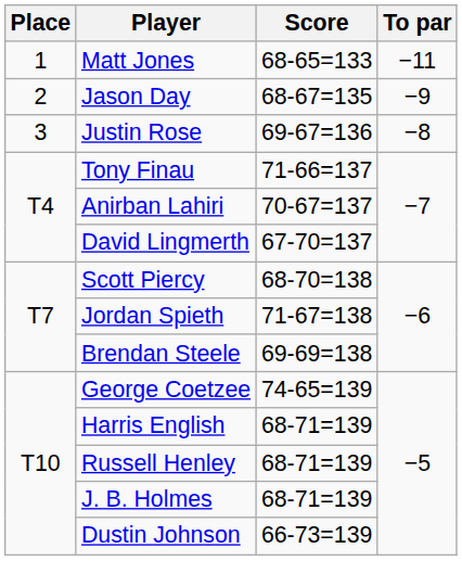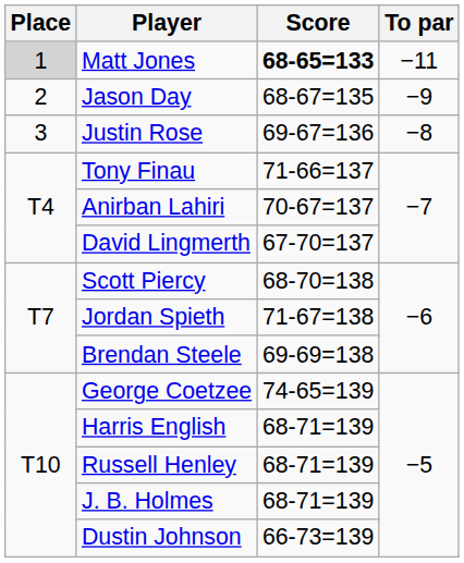 <table class="wikitable">
 <tr>
 <th>Place</th>
 <th>Player</th>
 <th>Score</th>
 <th>To par</th>
 </tr>
 <tr>
-<td align=center>1</td>
+<td align=center style="background: lightgrey;">1</td>
 <td> <a href='#'>Matt Jones</a></td>
-<td>68-65=133</td>
+<td><strong>68-65=133</strong></td>
 <td align=center>−11</td>
 </tr>
 <tr>
 <td align=center>2</td>
 <td> <a href='#'>Jason Day</a></td>
 <td>68-67=135</td>
 <td align=center>−9</td>
 </tr>
 <tr>
 <td align=center>3</td>
 <td> <a href='#'>Justin Rose</a></td>
 <td>69-67=136</td>
 <td align=center>−8</td>
 </tr>
 <tr>
 <td rowspan="3" style="text-align:center;">T4</td>
 <td> <a href='#'>Tony Finau</a></td>
 <td>71-66=137</td>
 <td rowspan="3" style="text-align:center;">−7</td>
 </tr>
 <tr>
 <td> <a href='#'>Anirban Lahiri</a></td>
 <td>70-67=137</td>
 </tr>
 <tr>
 <td> <a href='#'>David Lingmerth</a></td>
 <td>67-70=137</td>
 </tr>
 <tr>
 <td rowspan="3" style="text-align:center;">T7</td>
 <td> <a href='#'>Scott Piercy</a></td>
 <td>68-70=138</td>
 <td rowspan="3" style="text-align:center;">−6</td>
 </tr>
 <tr>
 <td> <a href='#'>Jordan Spieth</a></td>
 <td>71-67=138</td>
 </tr>
 <tr>
 <td> <a href='#'>Brendan Steele</a></td>
 <td>69-69=138</td>
 </tr>
 <tr>
 <td rowspan="5" style="text-align:center;">T10</td>
 <td> <a href='#'>George Coetzee</a></td>
 <td>74-65=139</td>
 <td rowspan="5" style="text-align:center;">−5</td>
 </tr>
 <tr>
 <td> <a href='#'>Harris English</a></td>
 <td>68-71=139</td>
 </tr>
 <tr>
 <td> <a href='#'>Russell Henley</a></td>
 <td>68-71=139</td>
 </tr>
 <tr>
 <td> <a href='#'>J. B. Holmes</a></td>
 <td>68-71=139</td>
 </tr>
 <tr>
 <td> <a href='#'>Dustin Johnson</a></td>
 <td>66-73=139</td>
 </tr>
 </table>
